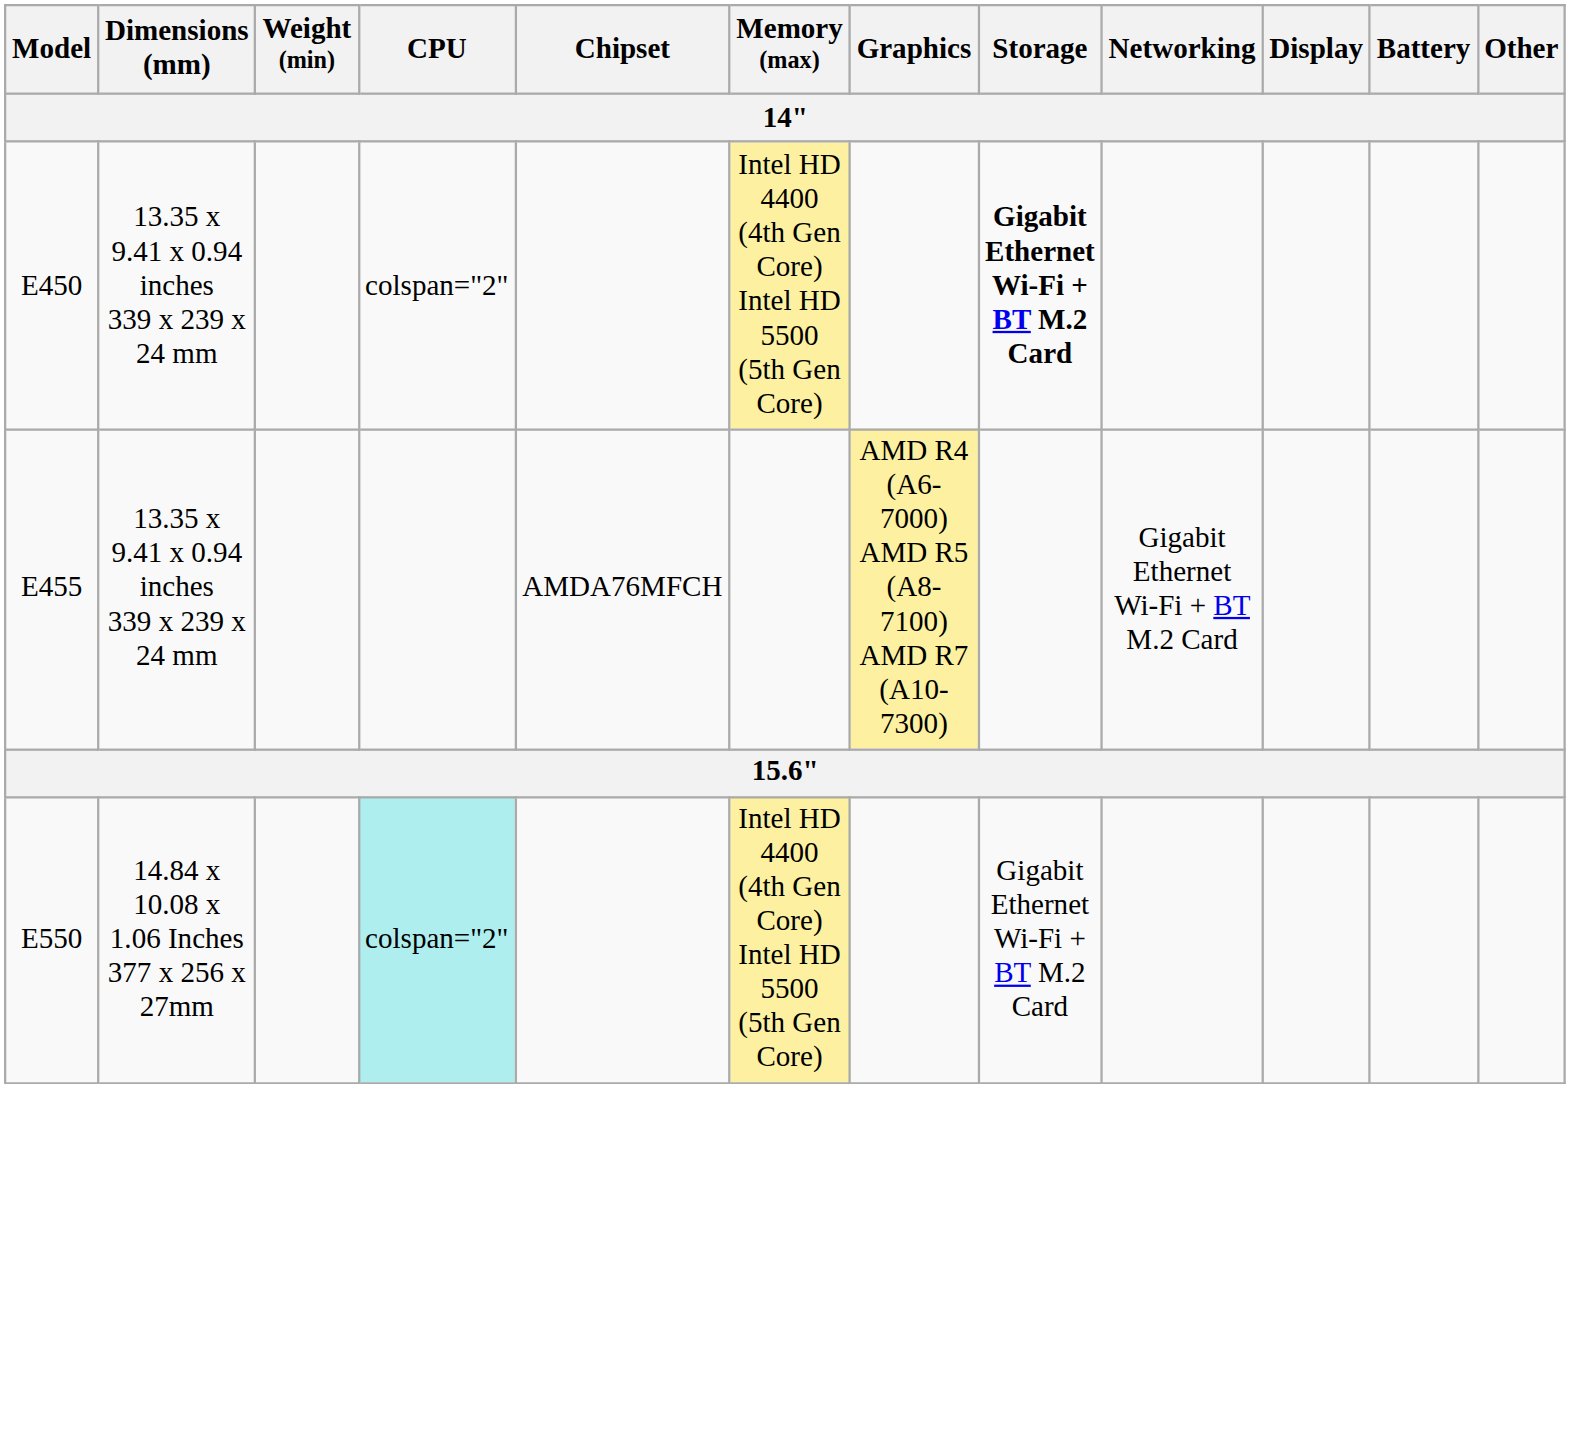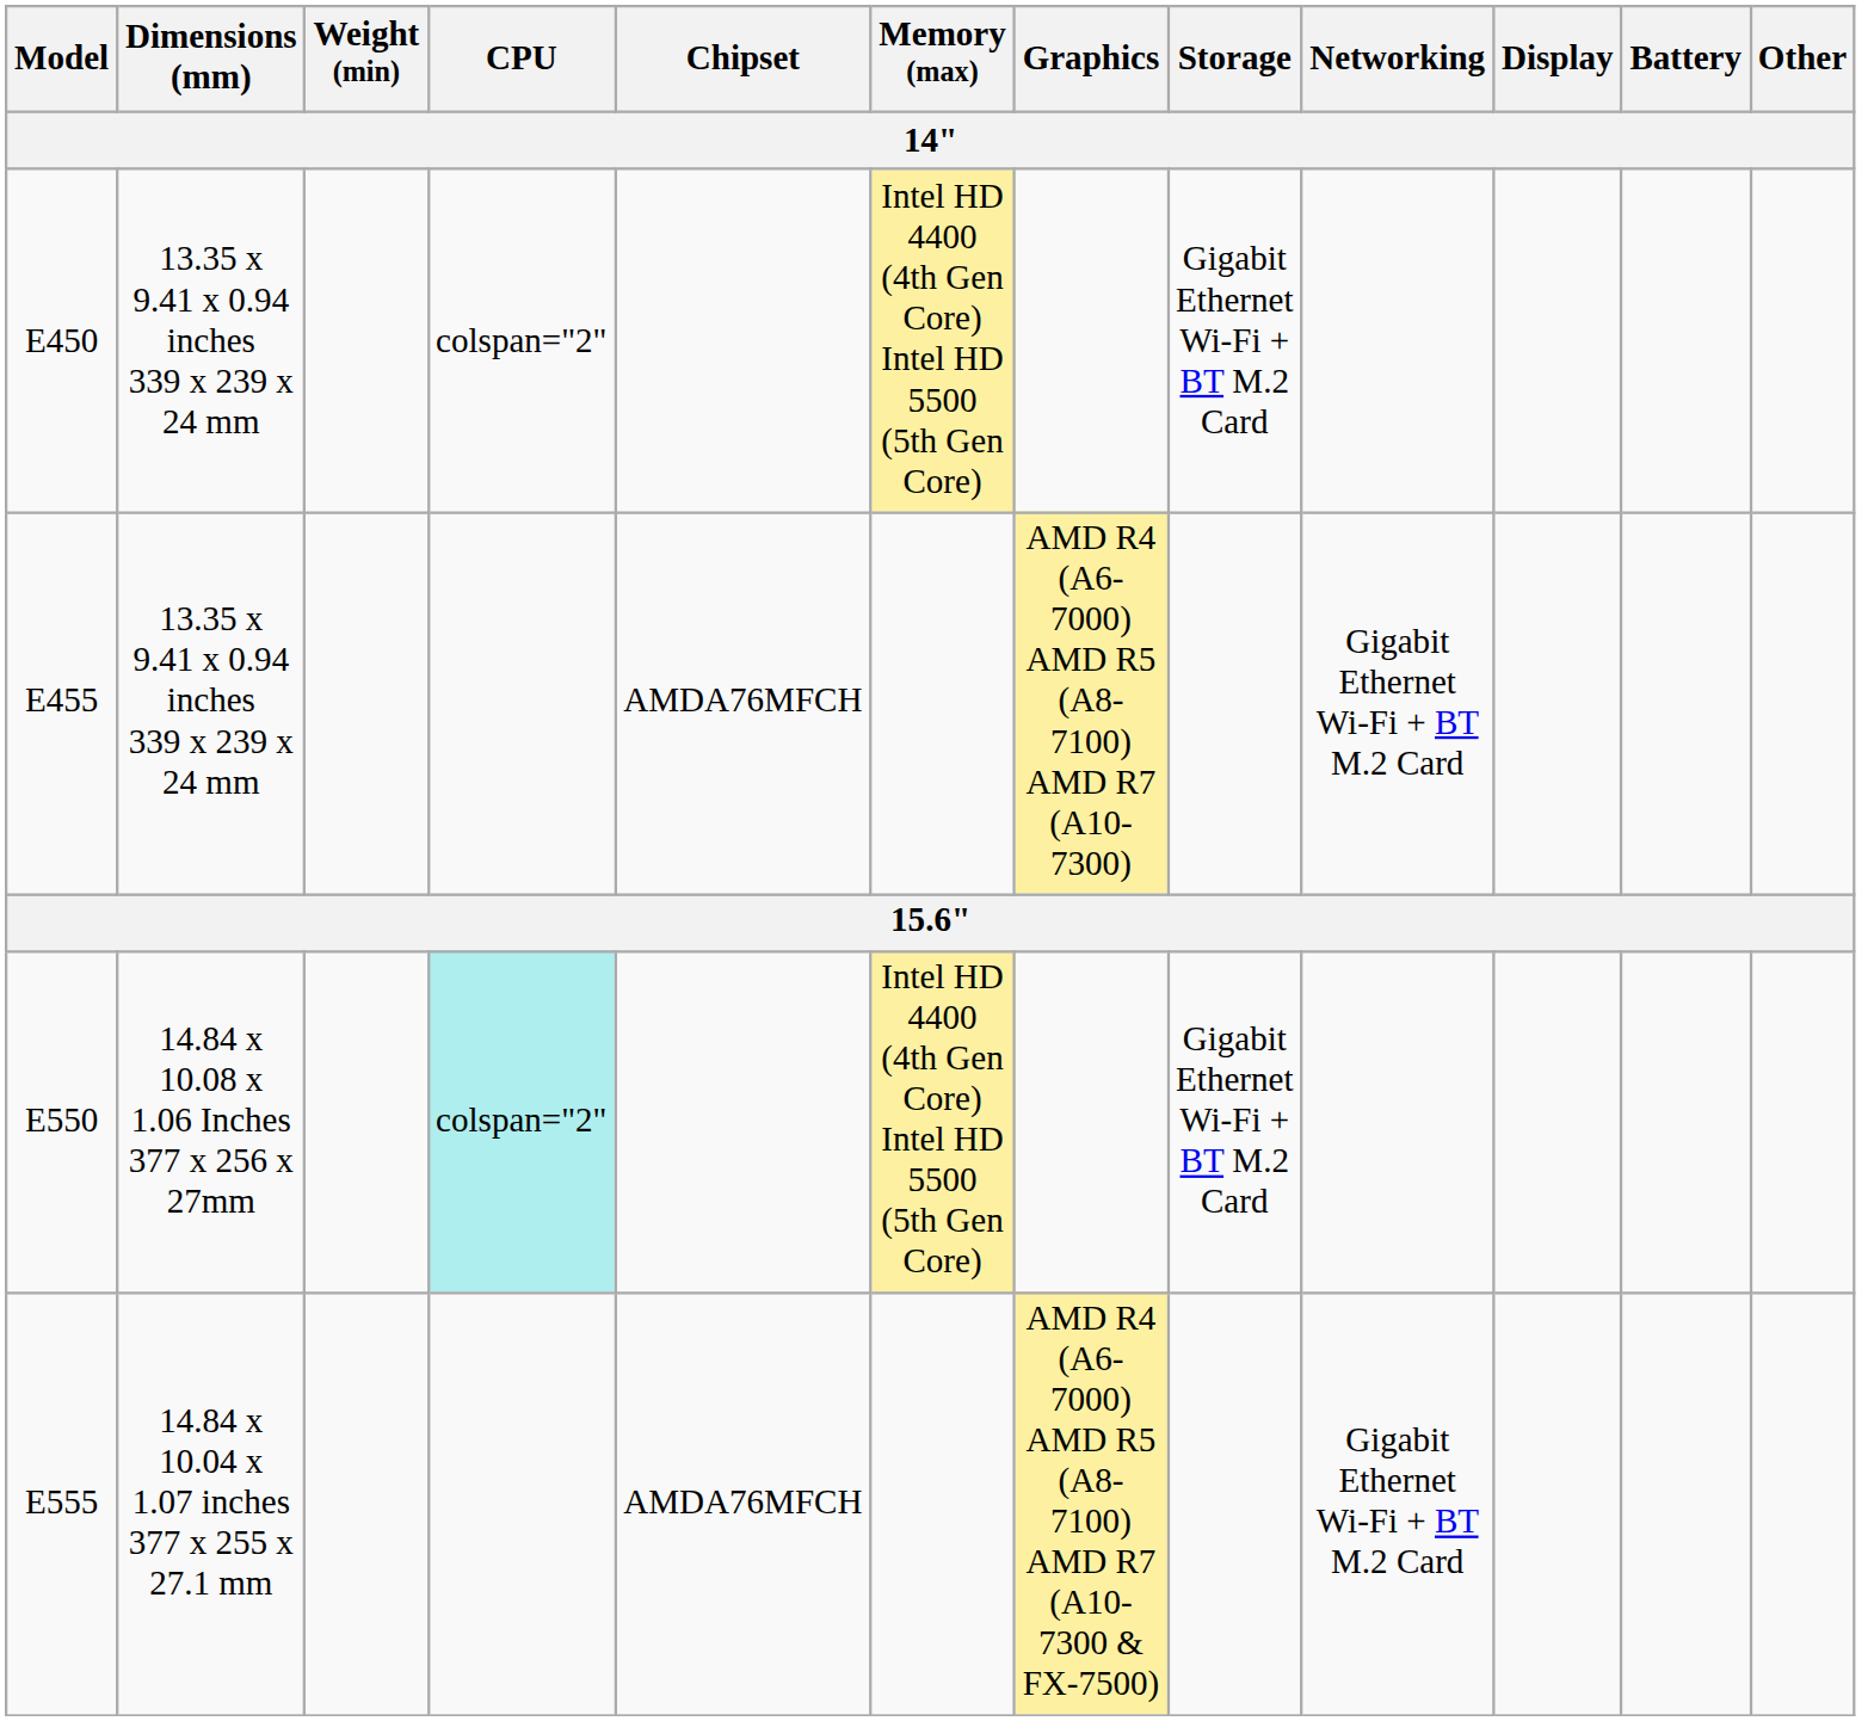 <table class="wikitable" style="font-size: 80%; text-align: center; min-width: 80%;">
 <tr>
 <th>Model</th>
 <th>Dimensions (mm)</th>
 <th>Weight <sup>(min)</sup></th>
 <th style="width:17%">CPU</th>
 <th>Chipset</th>
 <th>Memory <sup>(max)</sup></th>
 <th>Graphics</th>
 <th>Storage</th>
 <th>Networking</th>
 <th>Display</th>
 <th>Battery</th>
 <th>Other</th>
 </tr>
 <tr>
 <th colspan="12">14"</th>
 </tr>
 <tr>
 <td>E450</td>
 <td>13.35 x 9.41 x 0.94 inches<br> 339 x 239 x 24 mm</td>
 <td></td>
 <td>colspan="2" </td>
 <td></td>
 <td style="background:#fdf1a1;">Intel HD 4400 (4th Gen Core)<br> Intel HD 5500 (5th Gen Core)<br> </td>
 <td></td>
-<td><strong>Gigabit Ethernet<br>Wi-Fi + <a href='#'>BT</a> M.2 Card</strong></td>
+<td>Gigabit Ethernet<br>Wi-Fi + <a href='#'>BT</a> M.2 Card</td>
 <td></td>
 <td></td>
 <td></td>
 </tr>
 <tr>
 <td>E455</td>
 <td>13.35 x 9.41 x 0.94 inches<br> 339 x 239 x 24 mm</td>
 <td></td>
 <td></td>
 <td>AMDA76MFCH</td>
 <td></td>
 <td style="background:#fdf1a1;">AMD R4 (A6-7000)<br> AMD R5 (A8-7100)<br> AMD R7 (A10-7300)<br></td>
 <td></td>
 <td>Gigabit Ethernet<br>Wi-Fi + <a href='#'>BT</a> M.2 Card</td>
 <td></td>
 <td></td>
 <td></td>
 </tr>
 <tr>
 <th colspan="12">15.6"</th>
 </tr>
 <tr>
 <td>E550</td>
 <td>14.84 x 10.08 x 1.06 Inches<br> 377 x 256 x 27mm</td>
 <td></td>
 <td style="background: paleturquoise;">colspan="2" </td>
 <td></td>
 <td style="background:#fdf1a1;">Intel HD 4400 (4th Gen Core)<br> Intel HD 5500 (5th Gen Core)<br> </td>
 <td></td>
 <td>Gigabit Ethernet<br>Wi-Fi + <a href='#'>BT</a> M.2 Card</td>
 <td></td>
 <td></td>
 <td></td>
 </tr>
+<tr>
+<td>E555</td>
+<td>14.84 x 10.04 x 1.07 inches<br> 377 x 255 x 27.1 mm</td>
+<td></td>
+<td></td>
+<td>AMDA76MFCH</td>
+<td></td>
+<td style="background:#fdf1a1;">AMD R4 (A6-7000)<br> AMD R5 (A8-7100)<br> AMD R7 (A10-7300 & FX-7500)<br></td>
+<td></td>
+<td>Gigabit Ethernet<br>Wi-Fi + <a href='#'>BT</a> M.2 Card</td>
+<td></td>
+<td></td>
+<td></td>
+</tr>
 </table>
